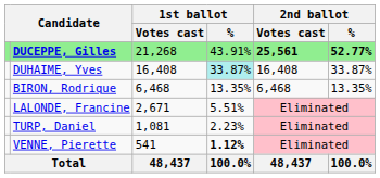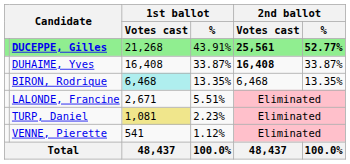 <table class="wikitable">
 <tr>
 <th rowspan="2" colspan="2">Candidate</th>
 <th colspan="2">1st ballot</th>
 <th colspan="2">2nd ballot</th>
 </tr>
 <tr>
 <th>Votes cast</th>
 <th>%</th>
 <th>Votes cast</th>
 <th>%</th>
 </tr>
 <tr style="background:lightgreen;">
 <td></td>
 <td><strong><a href='#'>DUCEPPE, Gilles</a></strong></td>
 <td>21,268</td>
 <td>43.91%</td>
 <td><strong>25,561</strong></td>
 <td><strong>52.77%</strong></td>
 </tr>
 <tr>
 <td></td>
 <td><a href='#'>DUHAIME, Yves</a></td>
 <td>16,408</td>
-<td style="background: paleturquoise;">33.87%</td>
-<td>16,408</td>
+<td>33.87%</td>
+<td><strong>16,408</strong></td>
 <td>33.87%</td>
 </tr>
 <tr>
 <td></td>
 <td><a href='#'>BIRON, Rodrique</a></td>
-<td>6,468</td>
+<td style="background: paleturquoise;">6,468</td>
 <td>13.35%</td>
 <td>6,468</td>
 <td>13.35%</td>
 </tr>
 <tr>
 <td></td>
 <td><a href='#'>LALONDE, Francine</a></td>
 <td>2,671</td>
 <td>5.51%</td>
 <td style="text-align:center; background:pink;" colspan="2">Eliminated</td>
 </tr>
 <tr>
 <td></td>
 <td><a href='#'>TURP, Daniel</a></td>
-<td>1,081</td>
+<td style="background: khaki;">1,081</td>
 <td>2.23%</td>
 <td style="text-align:center; background:pink;" colspan="2">Eliminated</td>
 </tr>
 <tr>
 <td></td>
 <td><a href='#'>VENNE, Pierette</a></td>
 <td>541</td>
-<td><strong>1.12%</strong></td>
+<td>1.12%</td>
 <td style="text-align:center; background:pink;" colspan="2">Eliminated</td>
 </tr>
 <tr>
 <th colspan="2">Total</th>
 <th>48,437</th>
 <th>100.0%</th>
 <th>48,437</th>
 <th>100.0%</th>
 </tr>
 </table>
